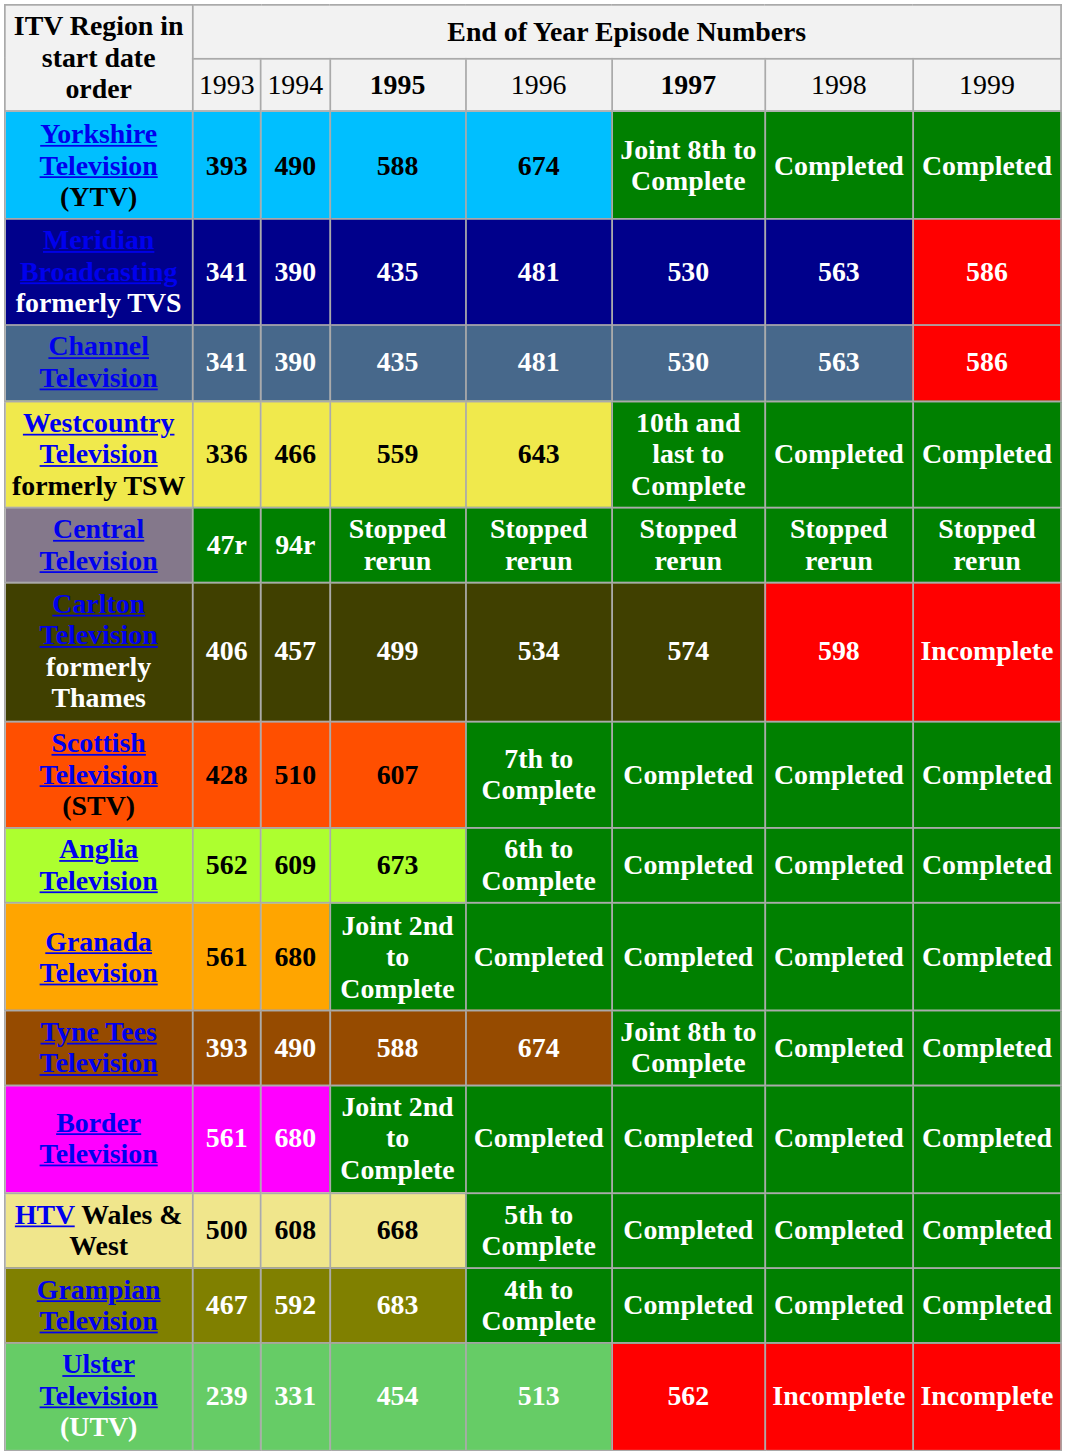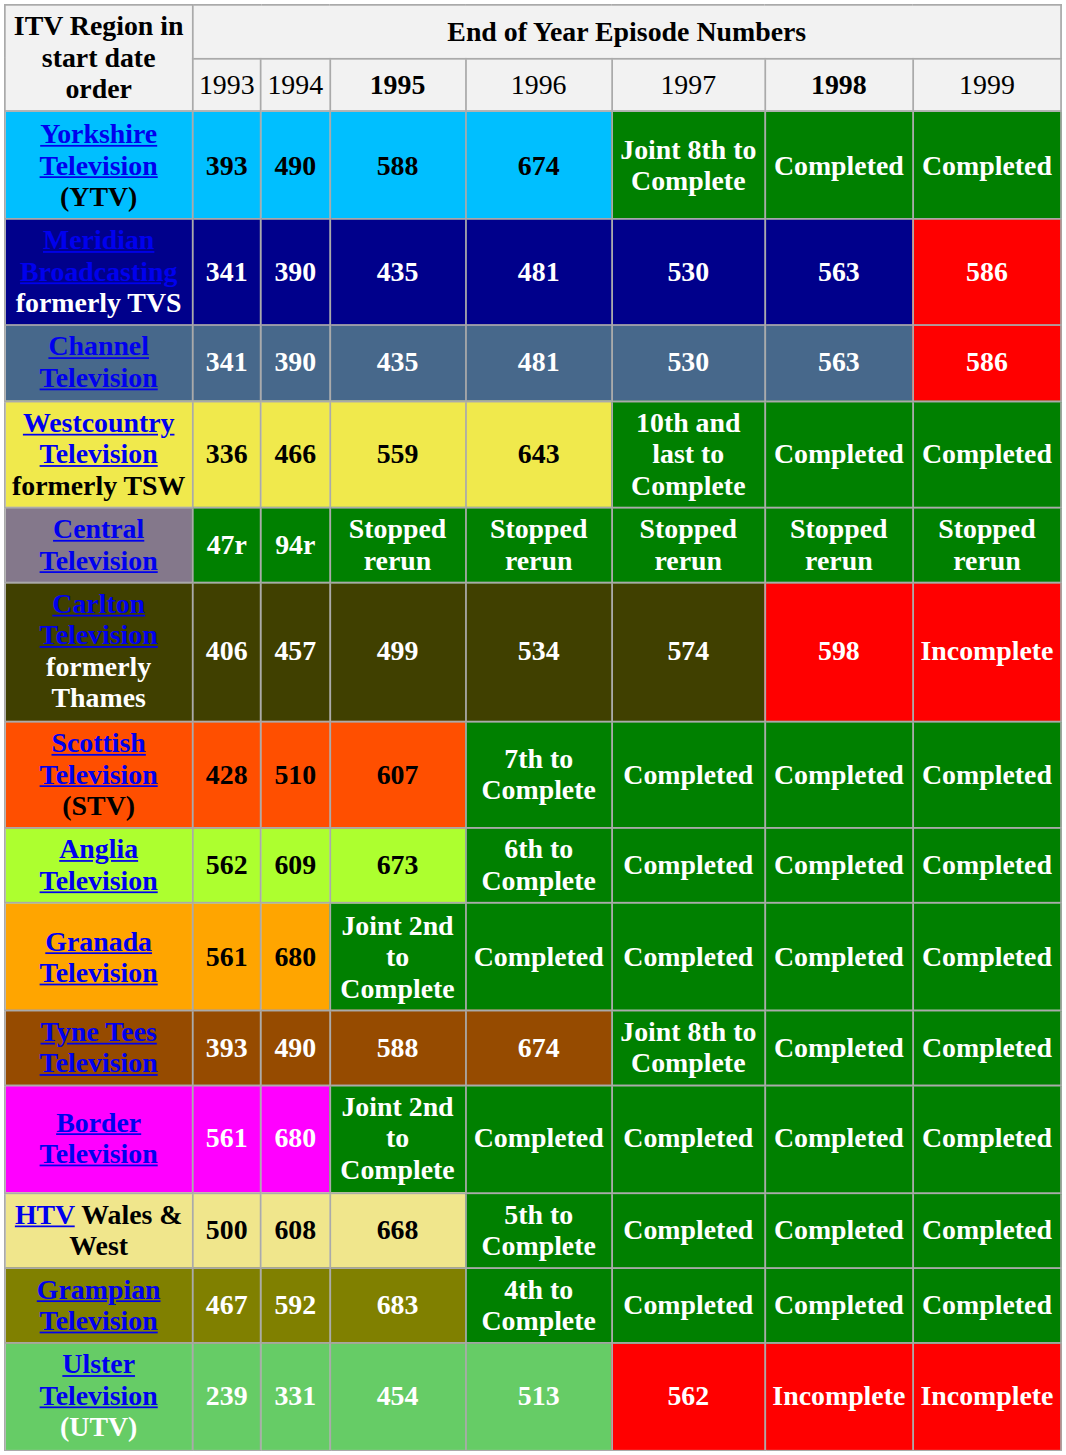 <table class="wikitable">
 <tr>
 <td rowspan="2" bgcolor="#f2f2f2" style="text-align:center;"><strong>ITV Region in start date order</strong></td>
 <td colspan="7" bgcolor="#f2f2f2" style="text-align:center;"><strong>End of Year Episode Numbers</strong></td>
 </tr>
 <tr>
 <td bgcolor="#f2f2f2" style="text-align:center;">1993</td>
 <td bgcolor="#f2f2f2" style="text-align:center;">1994</td>
 <td bgcolor="#f2f2f2" style="text-align:center;"><strong>1995</strong></td>
 <td bgcolor="#f2f2f2" style="text-align:center;">1996</td>
-<td bgcolor="#f2f2f2" style="text-align:center;"><strong>1997</strong></td>
-<td bgcolor="#f2f2f2" style="text-align:center;">1998</td>
+<td bgcolor="#f2f2f2" style="text-align:center;">1997</td>
+<td bgcolor="#f2f2f2" style="text-align:center;"><strong>1998</strong></td>
 <td bgcolor="#f2f2f2" style="text-align:center;">1999</td>
 </tr>
 <tr>
 <th style="background-color: #00BFFF"><a href='#'>Yorkshire Television</a> (YTV)</th>
 <th style="background-color: #00BFFF">393</th>
 <th style="background-color: #00BFFF">490</th>
 <th style="background-color: #00BFFF">588</th>
 <th style="background-color: #00BFFF">674</th>
 <th style="color:#FFFFFF; background-color: #008000">Joint 8th to Complete</th>
 <th style="color:#FFFFFF; background-color: #008000">Completed</th>
 <th style="color:#FFFFFF; background-color: #008000">Completed</th>
 </tr>
 <tr>
 <th style="background-color: #00008B; color:#FFFFFF"><a href='#'>Meridian Broadcasting</a> formerly TVS</th>
 <th style="background-color: #00008B; color:#FFFFFF">341</th>
 <th style="background-color: #00008B; color:#FFFFFF">390</th>
 <th style="background-color: #00008B; color:#FFFFFF">435</th>
 <th style="background-color: #00008B; color:#FFFFFF">481</th>
 <th style="background-color: #00008B; color:#FFFFFF">530</th>
 <th style="background-color: #00008B; color:#FFFFFF">563</th>
 <th style="color:#FFFFFF; background-color: #ff0000;">586</th>
 </tr>
 <tr>
 <th style="background-color: #47688B; color:#FFFFFF"><a href='#'>Channel Television</a></th>
 <th style="background-color: #47688B; color:#FFFFFF">341</th>
 <th style="background-color: #47688B; color:#FFFFFF">390</th>
 <th style="background-color: #47688B; color:#FFFFFF">435</th>
 <th style="background-color: #47688B; color:#FFFFFF">481</th>
 <th style="background-color: #47688B; color:#FFFFFF">530</th>
 <th style="background-color: #47688B; color:#FFFFFF">563</th>
 <th style="color:#FFFFFF; background-color: #ff0000;">586</th>
 </tr>
 <tr>
 <th style="background-color: #F0E94C"><a href='#'>Westcountry Television</a> formerly TSW</th>
 <th style="background-color: #F0E94C">336</th>
 <th style="background-color: #F0E94C">466</th>
 <th style="background-color: #F0E94C">559</th>
 <th style="background-color: #F0E94C">643</th>
 <th style="color:#FFFFFF; background-color: #008000">10th and last to Complete</th>
 <th style="color:#FFFFFF; background-color: #008000">Completed</th>
 <th style="color:#FFFFFF; background-color: #008000">Completed</th>
 </tr>
 <tr>
 <th style="background-color: #84788B"><a href='#'>Central Television</a></th>
 <th style="color:#FFFFFF; background-color: #008000">47r</th>
 <th style="color:#FFFFFF; background-color: #008000">94r</th>
 <th style="color:#FFFFFF; background-color: #008000">Stopped rerun</th>
 <th style="color:#FFFFFF; background-color: #008000">Stopped rerun</th>
 <th style="color:#FFFFFF; background-color: #008000">Stopped rerun</th>
 <th style="color:#FFFFFF; background-color: #008000">Stopped rerun</th>
 <th style="color:#FFFFFF; background-color: #008000">Stopped rerun</th>
 </tr>
 <tr>
 <th style="color:#FFFFFF; background-color: #404000;"><a href='#'>Carlton Television</a> formerly Thames</th>
 <th style="color:#FFFFFF; background-color: #404000;">406</th>
 <th style="color:#FFFFFF; background-color: #404000;">457</th>
 <th style="color:#FFFFFF; background-color: #404000;">499</th>
 <th style="color:#FFFFFF; background-color: #404000;">534</th>
 <th style="color:#FFFFFF; background-color: #404000;">574</th>
 <th style="color:#FFFFFF; background-color: #ff0000;">598</th>
 <th style="color:#FFFFFF; background-color: #ff0000;">Incomplete</th>
 </tr>
 <tr>
 <th style="background-color: #ff4f00"><a href='#'>Scottish Television</a> (STV)</th>
 <th style="background-color: #ff4f00">428</th>
 <th style="background-color: #ff4f00">510</th>
 <th style="background-color: #ff4f00">607</th>
 <th style="color:#FFFFFF; background-color: #008000">7th to Complete</th>
 <th style="color:#FFFFFF; background-color: #008000">Completed</th>
 <th style="color:#FFFFFF; background-color: #008000">Completed</th>
 <th style="color:#FFFFFF; background-color: #008000">Completed</th>
 </tr>
 <tr ->
 <th style="background-color: #ADFF2F"><a href='#'>Anglia Television</a></th>
 <th style="background-color: #ADFF2F">562</th>
 <th style="background-color: #ADFF2F">609</th>
 <th style="background-color: #ADFF2F">673</th>
 <th style="color:#FFFFFF; background-color: #008000">6th to Complete</th>
 <th style="color:#FFFFFF; background-color: #008000">Completed</th>
 <th style="color:#FFFFFF; background-color: #008000">Completed</th>
 <th style="color:#FFFFFF; background-color: #008000">Completed</th>
 </tr>
 <tr>
 <th style="background-color: #FFA500"><a href='#'>Granada Television</a></th>
 <th style="background-color: #FFA500">561</th>
 <th style="background-color: #FFA500">680</th>
 <th style="color:#FFFFFF; background-color: #008000">Joint 2nd to Complete</th>
 <th style="color:#FFFFFF; background-color: #008000">Completed</th>
 <th style="color:#FFFFFF; background-color: #008000">Completed</th>
 <th style="color:#FFFFFF; background-color: #008000">Completed</th>
 <th style="color:#FFFFFF; background-color: #008000">Completed</th>
 </tr>
 <tr>
 <th style="color:#FFFFFF; background-color: #964B00"><a href='#'>Tyne Tees Television</a></th>
 <th style="color:#FFFFFF; background-color: #964B00">393</th>
 <th style="color:#FFFFFF; background-color: #964B00">490</th>
 <th style="color:#FFFFFF; background-color: #964B00">588</th>
 <th style="color:#FFFFFF; background-color: #964B00">674</th>
 <th style="color:#FFFFFF; background-color: #008000">Joint 8th to Complete</th>
 <th style="color:#FFFFFF; background-color: #008000">Completed</th>
 <th style="color:#FFFFFF; background-color: #008000">Completed</th>
 </tr>
 <tr>
 <th style="color:#FFFFFF; background-color: #ff00ff"><a href='#'>Border Television</a></th>
 <th style="color:#FFFFFF; background-color: #ff00ff">561</th>
 <th style="color:#FFFFFF; background-color: #ff00ff">680</th>
 <th style="color:#FFFFFF; background-color: #008000">Joint 2nd to Complete</th>
 <th style="color:#FFFFFF; background-color: #008000">Completed</th>
 <th style="color:#FFFFFF; background-color: #008000">Completed</th>
 <th style="color:#FFFFFF; background-color: #008000">Completed</th>
 <th style="color:#FFFFFF; background-color: #008000">Completed</th>
 </tr>
 <tr>
 <th style="background-color: #F0E68C"><a href='#'>HTV</a> Wales & West</th>
 <th style="background-color: #F0E68C">500</th>
 <th style="background-color: #F0E68C">608</th>
 <th style="background-color: #F0E68C">668</th>
 <th style="color:#FFFFFF; background-color: #008000">5th to Complete</th>
 <th style="color:#FFFFFF; background-color: #008000">Completed</th>
 <th style="color:#FFFFFF; background-color: #008000">Completed</th>
 <th style="color:#FFFFFF; background-color: #008000">Completed</th>
 </tr>
 <tr>
 <th style="color:#FFFFFF; background-color: #808000"><a href='#'>Grampian Television</a></th>
 <th style="color:#FFFFFF; background-color: #808000">467</th>
 <th style="color:#FFFFFF; background-color: #808000">592</th>
 <th style="color:#FFFFFF; background-color: #808000">683</th>
 <th style="color:#FFFFFF; background-color: #008000">4th to Complete</th>
 <th style="color:#FFFFFF; background-color: #008000">Completed</th>
 <th style="color:#FFFFFF; background-color: #008000">Completed</th>
 <th style="color:#FFFFFF; background-color: #008000">Completed</th>
 </tr>
 <tr>
 <th style="color:#FFFFFF; background-color: #66CC66;"><a href='#'>Ulster Television</a> (UTV)</th>
 <th style="color:#FFFFFF; background-color: #66CC66;">239</th>
 <th style="color:#FFFFFF; background-color: #66CC66;">331</th>
 <th style="color:#FFFFFF; background-color: #66CC66;">454</th>
 <th style="color:#FFFFFF; background-color: #66CC66;">513</th>
 <th style="color:#FFFFFF; background-color: #ff0000;">562</th>
 <th style="color:#FFFFFF; background-color: #ff0000;">Incomplete</th>
 <th style="color:#FFFFFF; background-color: #ff0000;">Incomplete</th>
 </tr>
 </table>
